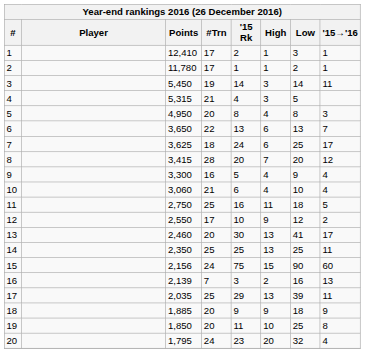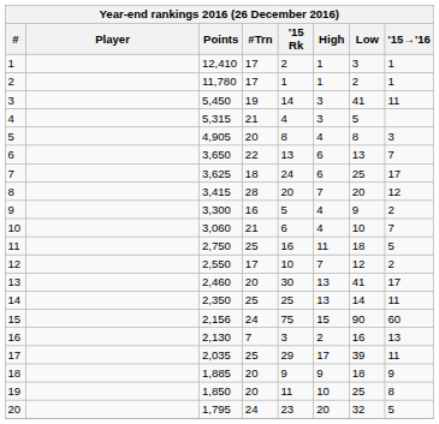 <table class="wikitable" style="font-size:95%">
 <tr>
 <th colspan=8>Year-end rankings 2016 (26 December 2016)</th>
 </tr>
 <tr>
 <th width=20>#</th>
 <th width=222>Player</th>
 <th width=50>Points</th>
 <th width=40>#Trn</th>
 <th width=40>'15 Rk</th>
 <th width=40>High</th>
 <th width=40>Low</th>
 <th width=50>'15→'16</th>
 </tr>
 <tr>
 <td>1</td>
 <td align=left></td>
 <td>12,410</td>
 <td>17</td>
 <td>2</td>
 <td>1</td>
 <td>3</td>
 <td> 1</td>
 </tr>
 <tr>
 <td>2</td>
 <td align=left></td>
 <td>11,780</td>
 <td>17</td>
 <td>1</td>
 <td>1</td>
 <td>2</td>
 <td> 1</td>
 </tr>
 <tr>
 <td>3</td>
 <td align=left></td>
 <td>5,450</td>
 <td>19</td>
 <td>14</td>
 <td>3</td>
-<td>14</td>
+<td>41</td>
 <td> 11</td>
 </tr>
 <tr>
 <td>4</td>
 <td align=left></td>
 <td>5,315</td>
 <td>21</td>
 <td>4</td>
 <td>3</td>
 <td>5</td>
 <td></td>
 </tr>
 <tr>
 <td>5</td>
 <td align=left></td>
-<td>4,950</td>
+<td>4,905</td>
 <td>20</td>
 <td>8</td>
 <td>4</td>
 <td>8</td>
 <td> 3</td>
 </tr>
 <tr>
 <td>6</td>
 <td align=left></td>
 <td>3,650</td>
 <td>22</td>
 <td>13</td>
 <td>6</td>
 <td>13</td>
 <td> 7</td>
 </tr>
 <tr>
 <td>7</td>
 <td align=left></td>
 <td>3,625</td>
 <td>18</td>
 <td>24</td>
 <td>6</td>
 <td>25</td>
 <td> 17</td>
 </tr>
 <tr>
 <td>8</td>
 <td align=left></td>
 <td>3,415</td>
 <td>28</td>
 <td>20</td>
 <td>7</td>
 <td>20</td>
 <td> 12</td>
 </tr>
 <tr>
 <td>9</td>
 <td align=left></td>
 <td>3,300</td>
 <td>16</td>
 <td>5</td>
 <td>4</td>
 <td>9</td>
-<td> 4</td>
+<td> 2</td>
 </tr>
 <tr>
 <td>10</td>
 <td align=left></td>
 <td>3,060</td>
 <td>21</td>
 <td>6</td>
 <td>4</td>
 <td>10</td>
-<td> 4</td>
+<td> 7</td>
 </tr>
 <tr>
 <td>11</td>
 <td align=left></td>
 <td>2,750</td>
 <td>25</td>
 <td>16</td>
 <td>11</td>
 <td>18</td>
 <td> 5</td>
 </tr>
 <tr>
 <td>12</td>
 <td align=left></td>
 <td>2,550</td>
 <td>17</td>
 <td>10</td>
-<td>9</td>
+<td>7</td>
 <td>12</td>
 <td> 2</td>
 </tr>
 <tr>
 <td>13</td>
 <td align=left></td>
 <td>2,460</td>
 <td>20</td>
 <td>30</td>
 <td>13</td>
 <td>41</td>
 <td> 17</td>
 </tr>
 <tr>
 <td>14</td>
 <td align=left></td>
 <td>2,350</td>
 <td>25</td>
 <td>25</td>
 <td>13</td>
-<td>25</td>
+<td>14</td>
 <td> 11</td>
 </tr>
 <tr>
 <td>15</td>
 <td align=left></td>
 <td>2,156</td>
 <td>24</td>
 <td>75</td>
 <td>15</td>
 <td>90</td>
 <td> 60</td>
 </tr>
 <tr>
 <td>16</td>
 <td align=left></td>
-<td>2,139</td>
+<td>2,130</td>
 <td>7</td>
 <td>3</td>
 <td>2</td>
 <td>16</td>
 <td> 13</td>
 </tr>
 <tr>
 <td>17</td>
 <td align=left></td>
 <td>2,035</td>
 <td>25</td>
 <td>29</td>
-<td>13</td>
+<td>17</td>
 <td>39</td>
 <td> 11</td>
 </tr>
 <tr>
 <td>18</td>
 <td align=left></td>
 <td>1,885</td>
 <td>20</td>
 <td>9</td>
 <td>9</td>
 <td>18</td>
 <td> 9</td>
 </tr>
 <tr>
 <td>19</td>
 <td align=left></td>
 <td>1,850</td>
 <td>20</td>
 <td>11</td>
 <td>10</td>
 <td>25</td>
 <td> 8</td>
 </tr>
 <tr>
 <td>20</td>
 <td align=left></td>
 <td>1,795</td>
 <td>24</td>
 <td>23</td>
 <td>20</td>
 <td>32</td>
-<td> 4</td>
+<td> 5</td>
 </tr>
 <tr>
 </tr>
 </table>
